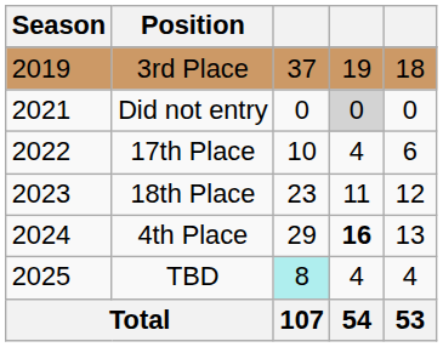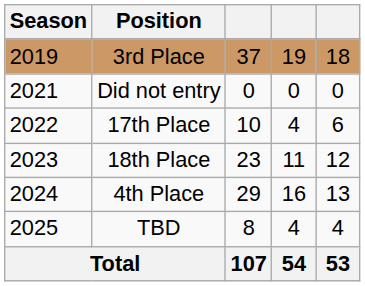 <table class="wikitable" style="text-align: center;">
 <tr>
 <th>Season</th>
 <th>Position</th>
 <th width=25px></th>
 <th width=25px></th>
 <th width=25px></th>
 </tr>
 <tr>
 </tr>
 <tr style="background:#c96">
 <td style="text-align: left;">2019</td>
 <td>3rd Place</td>
 <td>37</td>
 <td>19</td>
 <td>18</td>
 </tr>
 <tr>
 <td style="text-align: left;">2021</td>
 <td>Did not entry</td>
 <td>0</td>
-<td style="background: lightgrey;">0</td>
+<td>0</td>
 <td>0</td>
 </tr>
 <tr>
 <td style="text-align: left;">2022</td>
 <td>17th Place</td>
 <td>10</td>
 <td>4</td>
 <td>6</td>
 </tr>
 <tr>
 <td style="text-align: left;">2023</td>
 <td>18th Place</td>
 <td>23</td>
 <td>11</td>
 <td>12</td>
 </tr>
 <tr>
 <td style="text-align: left;">2024</td>
 <td>4th Place</td>
 <td>29</td>
-<td><strong>16</strong></td>
+<td>16</td>
 <td>13</td>
 </tr>
 <tr>
 <td style="text-align: left;">2025</td>
 <td>TBD</td>
-<td style="background: paleturquoise;">8</td>
+<td>8</td>
 <td>4</td>
 <td>4</td>
 </tr>
 <tr>
 <th colspan=2>Total</th>
 <th>107</th>
 <th>54</th>
 <th>53</th>
 </tr>
 </table>
